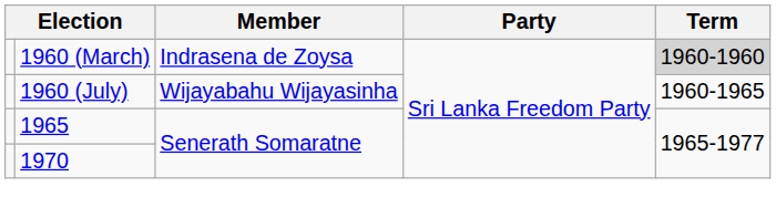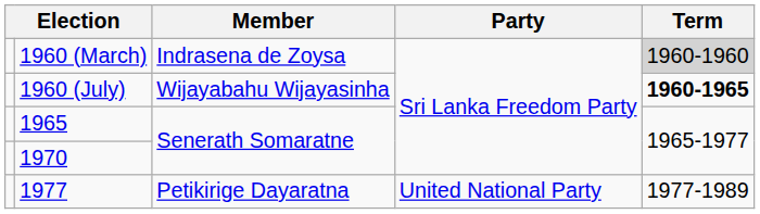 <table class="wikitable">
 <tr>
 <th colspan="2">Election</th>
 <th>Member</th>
 <th>Party</th>
 <th>Term</th>
 </tr>
 <tr>
 <td style="background-color: "></td>
 <td><a href='#'>1960 (March)</a></td>
 <td><a href='#'>Indrasena de Zoysa</a></td>
 <td rowspan ="4"><a href='#'>Sri Lanka Freedom Party</a></td>
 <td style="background: lightgrey;">1960-1960</td>
 </tr>
 <tr>
 <td style="background-color: "></td>
 <td><a href='#'>1960 (July)</a></td>
 <td><a href='#'>Wijayabahu Wijayasinha</a></td>
-<td>1960-1965</td>
+<td><strong>1960-1965</strong></td>
 </tr>
 <tr>
 <td style="background-color: "></td>
 <td><a href='#'>1965</a></td>
 <td rowspan ="2"><a href='#'>Senerath Somaratne</a></td>
 <td rowspan ="2">1965-1977</td>
 </tr>
 <tr>
 <td style="background-color: "></td>
 <td><a href='#'>1970</a></td>
 </tr>
+<tr>
+<td style="background-color: "></td>
+<td><a href='#'>1977</a></td>
+<td><a href='#'>Petikirige Dayaratna</a></td>
+<td><a href='#'>United National Party</a></td>
+<td>1977-1989</td>
+</tr>
 </table>
